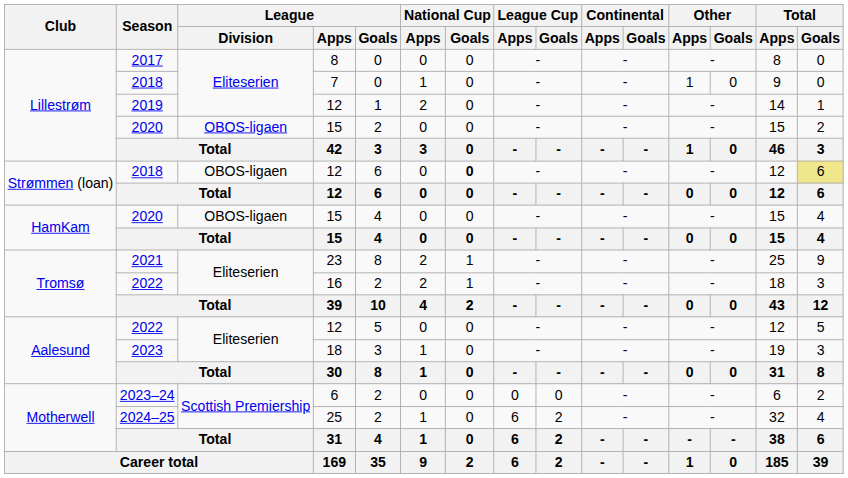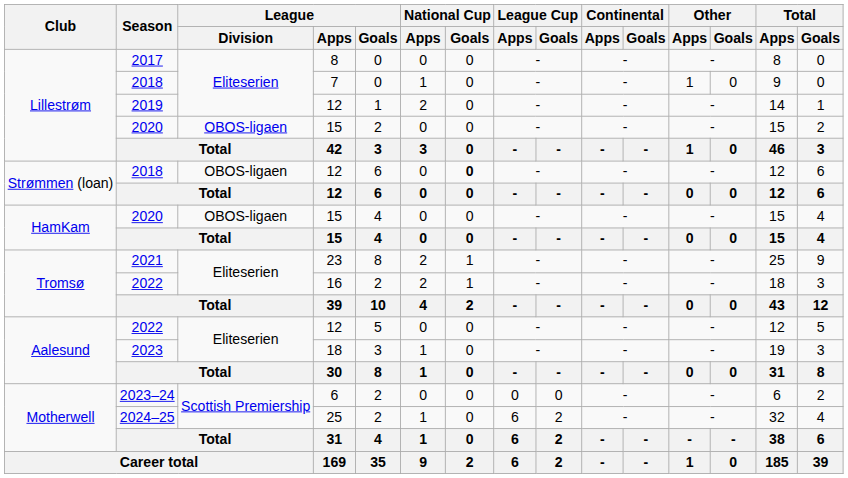 <table class="wikitable" style="text-align: center;">
 <tr>
 <th rowspan="2">Club</th>
 <th rowspan="2">Season</th>
 <th colspan="3">League</th>
 <th colspan="2">National Cup</th>
 <th colspan="2">League Cup</th>
 <th colspan="2">Continental</th>
 <th colspan="2">Other</th>
 <th colspan="2">Total</th>
 </tr>
 <tr>
 <th>Division</th>
 <th>Apps</th>
 <th>Goals</th>
 <th>Apps</th>
 <th>Goals</th>
 <th>Apps</th>
 <th>Goals</th>
 <th>Apps</th>
 <th>Goals</th>
 <th>Apps</th>
 <th>Goals</th>
 <th>Apps</th>
 <th>Goals</th>
 </tr>
 <tr>
 <td rowspan="5" valign="center"><a href='#'>Lillestrøm</a></td>
 <td><a href='#'>2017</a></td>
 <td rowspan="3" valign="center"><a href='#'>Eliteserien</a></td>
 <td>8</td>
 <td>0</td>
 <td>0</td>
 <td>0</td>
 <td colspan="2">-</td>
 <td colspan="2">-</td>
 <td colspan="2">-</td>
 <td>8</td>
 <td>0</td>
 </tr>
 <tr>
 <td><a href='#'>2018</a></td>
 <td>7</td>
 <td>0</td>
 <td>1</td>
 <td>0</td>
 <td colspan="2">-</td>
 <td colspan="2">-</td>
 <td>1</td>
 <td>0</td>
 <td>9</td>
 <td>0</td>
 </tr>
 <tr>
 <td><a href='#'>2019</a></td>
 <td>12</td>
 <td>1</td>
 <td>2</td>
 <td>0</td>
 <td colspan="2">-</td>
 <td colspan="2">-</td>
 <td colspan="2">-</td>
 <td>14</td>
 <td>1</td>
 </tr>
 <tr>
 <td><a href='#'>2020</a></td>
 <td rowspan="1" valign="center"><a href='#'>OBOS-ligaen</a></td>
 <td>15</td>
 <td>2</td>
 <td>0</td>
 <td>0</td>
 <td colspan="2">-</td>
 <td colspan="2">-</td>
 <td colspan="2">-</td>
 <td>15</td>
 <td>2</td>
 </tr>
 <tr>
 <th colspan="2">Total</th>
 <th>42</th>
 <th>3</th>
 <th>3</th>
 <th>0</th>
 <th>-</th>
 <th>-</th>
 <th>-</th>
 <th>-</th>
 <th>1</th>
 <th>0</th>
 <th>46</th>
 <th>3</th>
 </tr>
 <tr>
 <td rowspan="2" valign="center"><a href='#'>Strømmen</a> (loan)</td>
 <td><a href='#'>2018</a></td>
 <td rowspan="1" valign="center">OBOS-ligaen</td>
 <td>12</td>
 <td>6</td>
 <td>0</td>
 <td><strong>0</strong></td>
 <td colspan="2">-</td>
 <td colspan="2">-</td>
 <td colspan="2">-</td>
 <td>12</td>
-<td style="background: khaki;">6</td>
+<td>6</td>
 </tr>
 <tr>
 <th colspan="2">Total</th>
 <th>12</th>
 <th>6</th>
 <th>0</th>
 <th>0</th>
 <th>-</th>
 <th>-</th>
 <th>-</th>
 <th>-</th>
 <th>0</th>
 <th>0</th>
 <th>12</th>
 <th>6</th>
 </tr>
 <tr>
 <td rowspan="2" valign="center"><a href='#'>HamKam</a></td>
 <td><a href='#'>2020</a></td>
 <td rowspan="1" valign="center">OBOS-ligaen</td>
 <td>15</td>
 <td>4</td>
 <td>0</td>
 <td>0</td>
 <td colspan="2">-</td>
 <td colspan="2">-</td>
 <td colspan="2">-</td>
 <td>15</td>
 <td>4</td>
 </tr>
 <tr>
 <th colspan="2">Total</th>
 <th>15</th>
 <th>4</th>
 <th>0</th>
 <th>0</th>
 <th>-</th>
 <th>-</th>
 <th>-</th>
 <th>-</th>
 <th>0</th>
 <th>0</th>
 <th>15</th>
 <th>4</th>
 </tr>
 <tr>
 <td rowspan="3" valign="center"><a href='#'>Tromsø</a></td>
 <td><a href='#'>2021</a></td>
 <td rowspan="2" valign="center">Eliteserien</td>
 <td>23</td>
 <td>8</td>
 <td>2</td>
 <td>1</td>
 <td colspan="2">-</td>
 <td colspan="2">-</td>
 <td colspan="2">-</td>
 <td>25</td>
 <td>9</td>
 </tr>
 <tr>
 <td><a href='#'>2022</a></td>
 <td>16</td>
 <td>2</td>
 <td>2</td>
 <td>1</td>
 <td colspan="2">-</td>
 <td colspan="2">-</td>
 <td colspan="2">-</td>
 <td>18</td>
 <td>3</td>
 </tr>
 <tr>
 <th colspan="2">Total</th>
 <th>39</th>
 <th>10</th>
 <th>4</th>
 <th>2</th>
 <th>-</th>
 <th>-</th>
 <th>-</th>
 <th>-</th>
 <th>0</th>
 <th>0</th>
 <th>43</th>
 <th>12</th>
 </tr>
 <tr>
 <td rowspan="3" valign="center"><a href='#'>Aalesund</a></td>
 <td><a href='#'>2022</a></td>
 <td rowspan="2" valign="center">Eliteserien</td>
 <td>12</td>
 <td>5</td>
 <td>0</td>
 <td>0</td>
 <td colspan="2">-</td>
 <td colspan="2">-</td>
 <td colspan="2">-</td>
 <td>12</td>
 <td>5</td>
 </tr>
 <tr>
 <td><a href='#'>2023</a></td>
 <td>18</td>
 <td>3</td>
 <td>1</td>
 <td>0</td>
 <td colspan="2">-</td>
 <td colspan="2">-</td>
 <td colspan="2">-</td>
 <td>19</td>
 <td>3</td>
 </tr>
 <tr>
 <th colspan="2">Total</th>
 <th>30</th>
 <th>8</th>
 <th>1</th>
 <th>0</th>
 <th>-</th>
 <th>-</th>
 <th>-</th>
 <th>-</th>
 <th>0</th>
 <th>0</th>
 <th>31</th>
 <th>8</th>
 </tr>
 <tr>
 <td rowspan="3" valign="center"><a href='#'>Motherwell</a></td>
 <td><a href='#'>2023–24</a></td>
 <td rowspan="2" valign="center"><a href='#'>Scottish Premiership</a></td>
 <td>6</td>
 <td>2</td>
 <td>0</td>
 <td>0</td>
 <td>0</td>
 <td>0</td>
 <td colspan="2">-</td>
 <td colspan="2">-</td>
 <td>6</td>
 <td>2</td>
 </tr>
 <tr>
 <td><a href='#'>2024–25</a></td>
 <td>25</td>
 <td>2</td>
 <td>1</td>
 <td>0</td>
 <td>6</td>
 <td>2</td>
 <td colspan="2">-</td>
 <td colspan="2">-</td>
 <td>32</td>
 <td>4</td>
 </tr>
 <tr>
 <th colspan="2">Total</th>
 <th>31</th>
 <th>4</th>
 <th>1</th>
 <th>0</th>
 <th>6</th>
 <th>2</th>
 <th>-</th>
 <th>-</th>
 <th>-</th>
 <th>-</th>
 <th>38</th>
 <th>6</th>
 </tr>
 <tr>
 <th colspan="3">Career total</th>
 <th>169</th>
 <th>35</th>
 <th>9</th>
 <th>2</th>
 <th>6</th>
 <th>2</th>
 <th>-</th>
 <th>-</th>
 <th>1</th>
 <th>0</th>
 <th>185</th>
 <th>39</th>
 </tr>
 </table>
